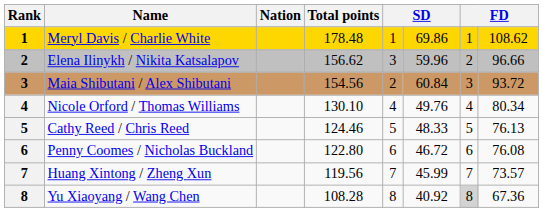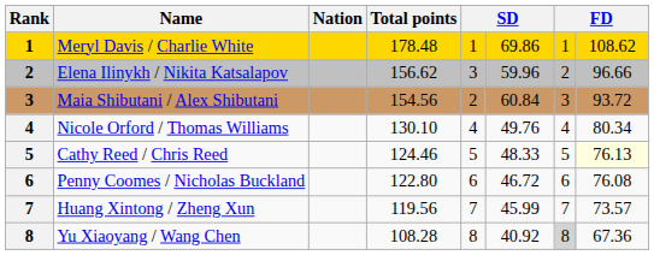 <table class="wikitable sortable">
 <tr>
 <th>Rank</th>
 <th>Name</th>
 <th>Nation</th>
 <th>Total points</th>
 <th colspan="2" width="80px"><a href='#'>SD</a></th>
 <th colspan="2" width="80px"><a href='#'>FD</a></th>
 </tr>
 <tr bgcolor="gold">
 <td align="center"><strong>1</strong></td>
 <td><a href='#'>Meryl Davis</a> / <a href='#'>Charlie White</a></td>
 <td></td>
 <td align="center">178.48</td>
 <td align="center">1</td>
 <td align="center">69.86</td>
 <td align="center">1</td>
 <td align="center">108.62</td>
 </tr>
 <tr bgcolor="silver">
 <td align="center"><strong>2</strong></td>
 <td><a href='#'>Elena Ilinykh</a> / <a href='#'>Nikita Katsalapov</a></td>
 <td></td>
 <td align="center">156.62</td>
 <td align="center">3</td>
 <td align="center">59.96</td>
 <td align="center">2</td>
 <td align="center">96.66</td>
 </tr>
 <tr bgcolor="cc9966">
 <td align="center"><strong>3</strong></td>
 <td><a href='#'>Maia Shibutani</a> / <a href='#'>Alex Shibutani</a></td>
 <td></td>
 <td align="center">154.56</td>
 <td align="center">2</td>
 <td align="center">60.84</td>
 <td align="center">3</td>
 <td align="center">93.72</td>
 </tr>
 <tr>
 <th>4</th>
 <td><a href='#'>Nicole Orford</a> / <a href='#'>Thomas Williams</a></td>
 <td></td>
 <td align="center">130.10</td>
 <td align="center">4</td>
 <td align="center">49.76</td>
 <td align="center">4</td>
 <td align="center">80.34</td>
 </tr>
 <tr>
 <th>5</th>
 <td><a href='#'>Cathy Reed</a> / <a href='#'>Chris Reed</a></td>
 <td></td>
 <td align="center">124.46</td>
 <td align="center">5</td>
 <td align="center">48.33</td>
 <td align="center">5</td>
-<td align="center">76.13</td>
+<td align="center" style="background: lightyellow;">76.13</td>
 </tr>
 <tr>
 <th>6</th>
 <td><a href='#'>Penny Coomes</a> / <a href='#'>Nicholas Buckland</a></td>
 <td></td>
 <td align="center">122.80</td>
 <td align="center">6</td>
 <td align="center">46.72</td>
 <td align="center">6</td>
 <td align="center">76.08</td>
 </tr>
 <tr>
 <th>7</th>
 <td><a href='#'>Huang Xintong</a> / <a href='#'>Zheng Xun</a></td>
 <td></td>
 <td align="center">119.56</td>
 <td align="center">7</td>
 <td align="center">45.99</td>
 <td align="center">7</td>
 <td align="center">73.57</td>
 </tr>
 <tr>
 <th>8</th>
 <td><a href='#'>Yu Xiaoyang</a> / <a href='#'>Wang Chen</a></td>
 <td></td>
 <td align="center">108.28</td>
 <td align="center">8</td>
 <td align="center">40.92</td>
 <td align="center" style="background: lightgrey;">8</td>
 <td align="center">67.36</td>
 </tr>
 </table>
